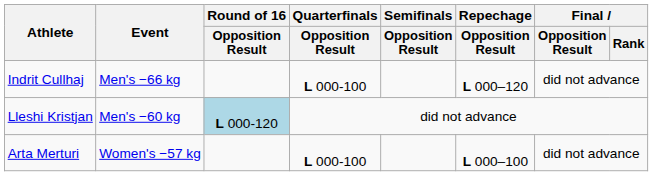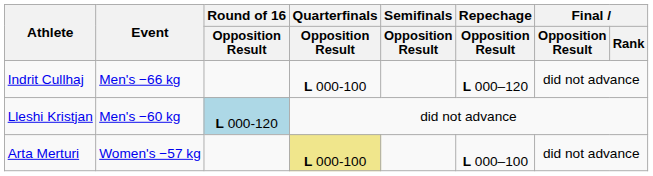 <table class="wikitable" style="font-size:90%">
 <tr>
 <th rowspan="2">Athlete</th>
 <th rowspan="2">Event</th>
 <th>Round of 16</th>
 <th>Quarterfinals</th>
 <th>Semifinals</th>
 <th>Repechage</th>
 <th colspan=2>Final / </th>
 </tr>
 <tr style="font-size:95%">
 <th>Opposition<br>Result</th>
 <th>Opposition<br>Result</th>
 <th>Opposition<br>Result</th>
 <th>Opposition<br>Result</th>
 <th>Opposition<br>Result</th>
 <th>Rank</th>
 </tr>
 <tr align=center>
 <td align=left><a href='#'>Indrit Cullhaj</a></td>
 <td align=left><a href='#'>Men's −66 kg</a></td>
 <td></td>
 <td><br><strong>L</strong> 000-100</td>
 <td></td>
 <td><br><strong>L</strong> 000–120</td>
 <td colspan=2>did not advance</td>
 </tr>
 <tr align=center>
 <td align=left><a href='#'>Lleshi Kristjan</a></td>
 <td align=left><a href='#'>Men's −60 kg</a></td>
 <td style="background: lightblue;"><br><strong>L</strong> 000-120</td>
 <td colspan=5>did not advance</td>
 </tr>
 <tr align=center>
 <td align=left><a href='#'>Arta Merturi</a></td>
 <td align=left><a href='#'>Women's −57 kg</a></td>
 <td></td>
-<td><br><strong>L</strong> 000-100</td>
+<td style="background: khaki;"><br><strong>L</strong> 000-100</td>
 <td></td>
 <td><br><strong>L</strong> 000–100</td>
 <td colspan=2>did not advance</td>
 </tr>
 </table>
